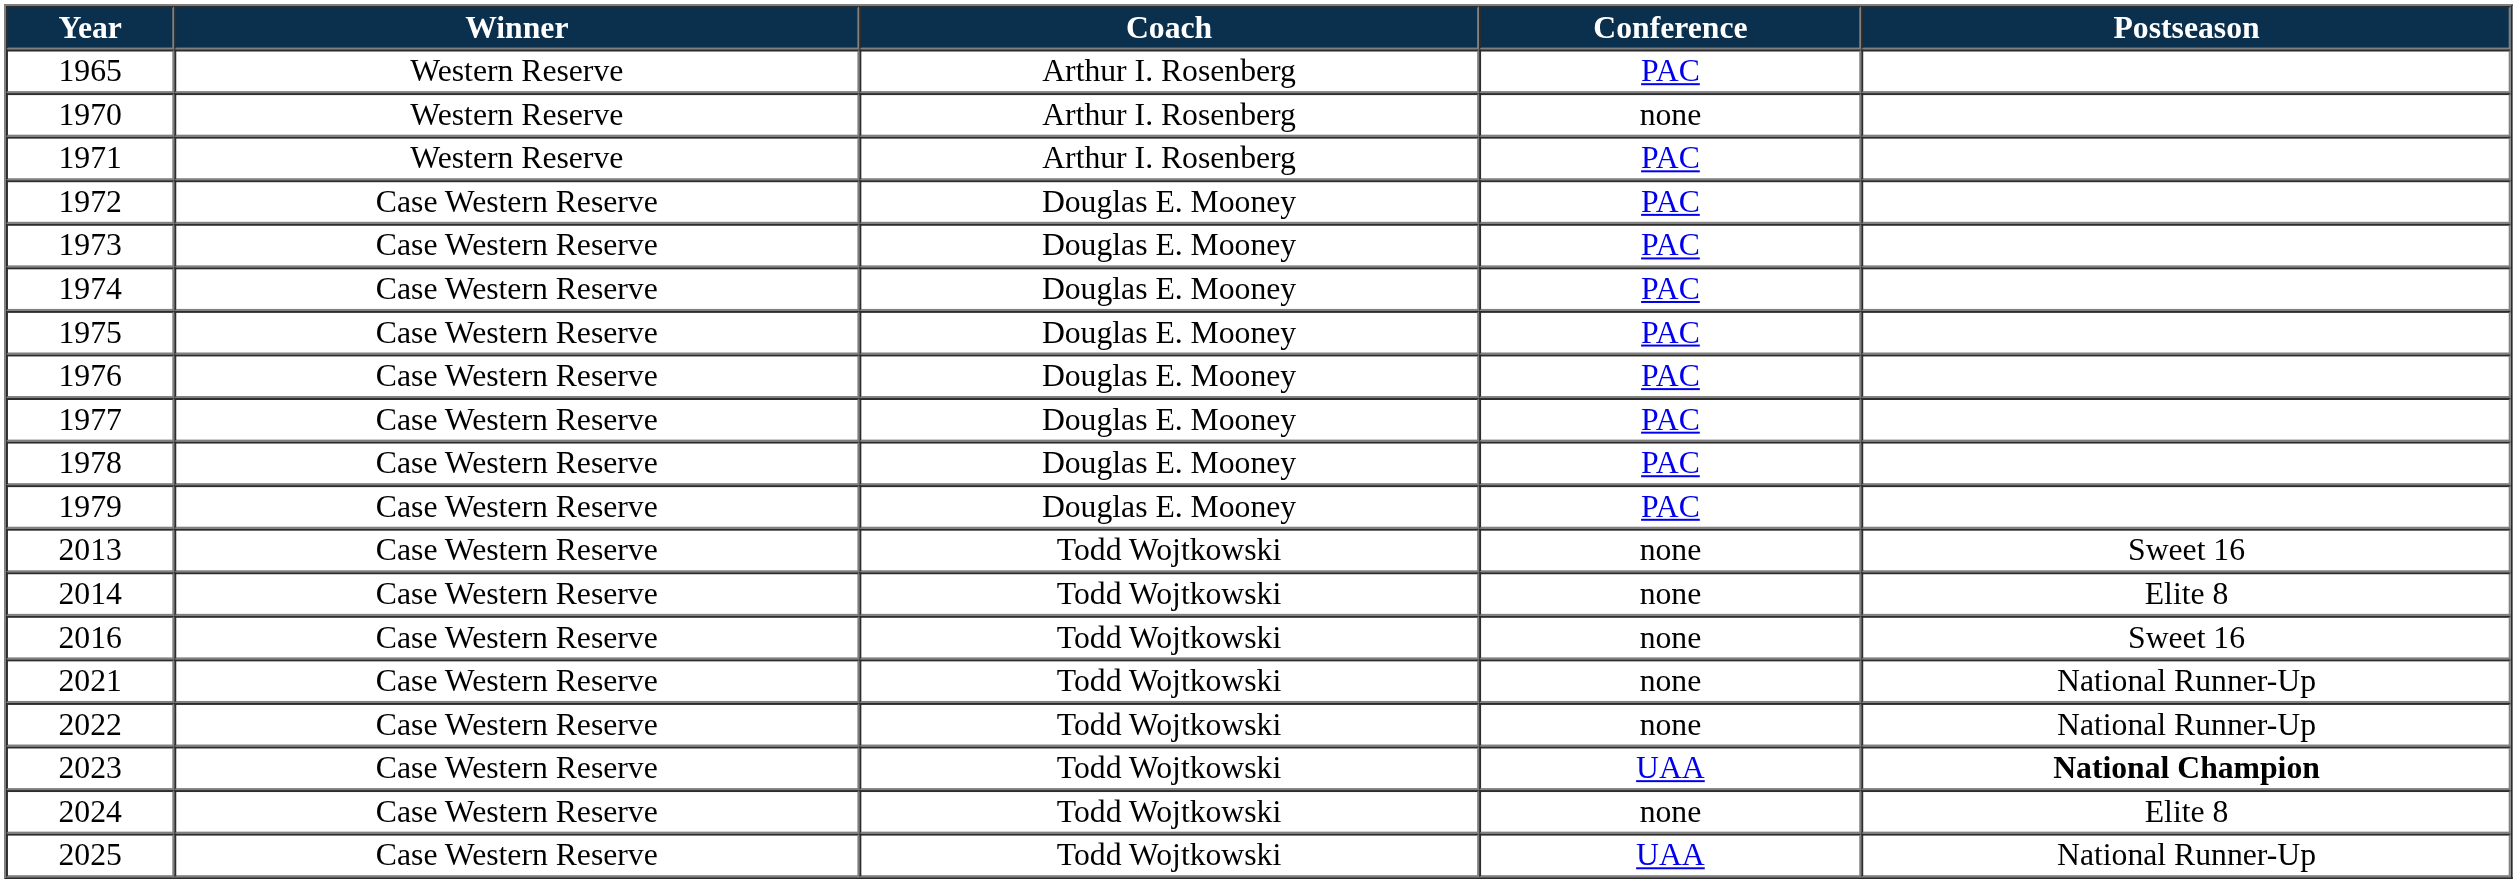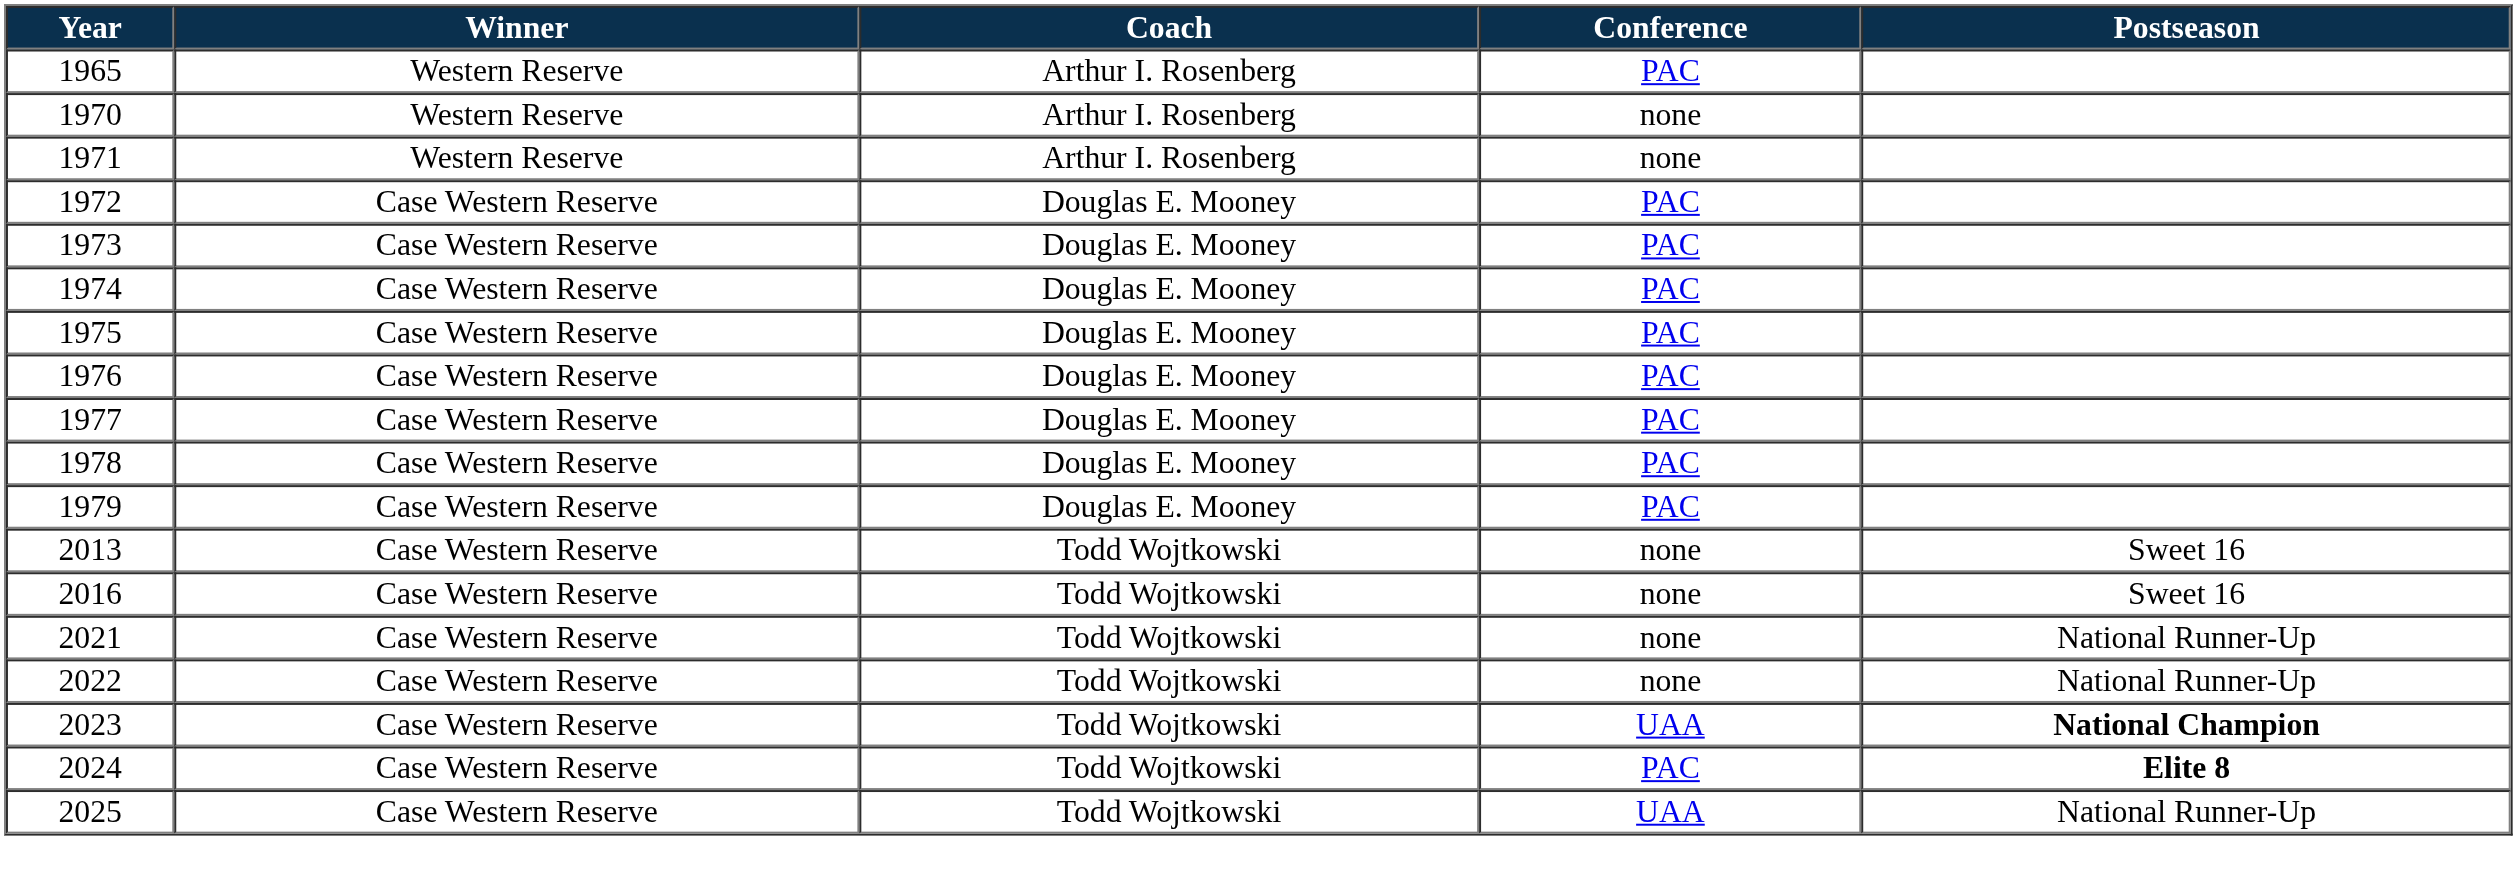 <table bcellpadding="1" border="1" cellspacing="0" style="width:80%;"valign="top">
 <tr>
 <th - style="background:#0A304E; color:white">Year</th>
 <th - style="background:#0A304E; color:white">Winner</th>
 <th - style="background:#0A304E; color:white">Coach</th>
 <th - style="background:#0A304E; color:white">Conference</th>
 <th - style="background:#0A304E; color:white">Postseason</th>
 </tr>
 <tr style="text-align:center;">
 <td>1965</td>
 <td>Western Reserve</td>
 <td>Arthur I. Rosenberg</td>
 <td><a href='#'>PAC</a></td>
 <td></td>
 </tr>
 <tr style="text-align:center;">
 <td>1970</td>
 <td>Western Reserve</td>
 <td>Arthur I. Rosenberg</td>
 <td>none</td>
 <td></td>
 </tr>
 <tr style="text-align:center;">
 <td>1971</td>
 <td>Western Reserve</td>
 <td>Arthur I. Rosenberg</td>
-<td><a href='#'>PAC</a></td>
+<td>none</td>
 <td></td>
 </tr>
 <tr style="text-align:center;">
 <td>1972</td>
 <td>Case Western Reserve</td>
 <td>Douglas E. Mooney</td>
 <td><a href='#'>PAC</a></td>
 <td></td>
 </tr>
 <tr style="text-align:center;">
 <td>1973</td>
 <td>Case Western Reserve</td>
 <td>Douglas E. Mooney</td>
 <td><a href='#'>PAC</a></td>
 <td></td>
 </tr>
 <tr style="text-align:center;">
 <td>1974</td>
 <td>Case Western Reserve</td>
 <td>Douglas E. Mooney</td>
 <td><a href='#'>PAC</a></td>
 <td></td>
 </tr>
 <tr style="text-align:center;">
 <td>1975</td>
 <td>Case Western Reserve</td>
 <td>Douglas E. Mooney</td>
 <td><a href='#'>PAC</a></td>
 <td></td>
 </tr>
 <tr style="text-align:center;">
 <td>1976</td>
 <td>Case Western Reserve</td>
 <td>Douglas E. Mooney</td>
 <td><a href='#'>PAC</a></td>
 <td></td>
 </tr>
 <tr style="text-align:center;">
 <td>1977</td>
 <td>Case Western Reserve</td>
 <td>Douglas E. Mooney</td>
 <td><a href='#'>PAC</a></td>
 <td></td>
 </tr>
 <tr style="text-align:center;">
 <td>1978</td>
 <td>Case Western Reserve</td>
 <td>Douglas E. Mooney</td>
 <td><a href='#'>PAC</a></td>
 <td></td>
 </tr>
 <tr style="text-align:center;">
 <td>1979</td>
 <td>Case Western Reserve</td>
 <td>Douglas E. Mooney</td>
 <td><a href='#'>PAC</a></td>
 <td></td>
 </tr>
 <tr style="text-align:center;">
 <td>2013</td>
 <td>Case Western Reserve</td>
 <td>Todd Wojtkowski</td>
 <td>none</td>
 <td>Sweet 16</td>
 </tr>
 <tr style="text-align:center;">
-<td>2014</td>
-<td>Case Western Reserve</td>
-<td>Todd Wojtkowski</td>
-<td>none</td>
-<td>Elite 8</td>
-</tr>
-<tr style="text-align:center;">
 <td>2016</td>
 <td>Case Western Reserve</td>
 <td>Todd Wojtkowski</td>
 <td>none</td>
 <td>Sweet 16</td>
 </tr>
 <tr style="text-align:center;">
 <td>2021</td>
 <td>Case Western Reserve</td>
 <td>Todd Wojtkowski</td>
 <td>none</td>
 <td>National Runner-Up</td>
 </tr>
 <tr style="text-align:center;">
 <td>2022</td>
 <td>Case Western Reserve</td>
 <td>Todd Wojtkowski</td>
 <td>none</td>
 <td>National Runner-Up</td>
 </tr>
 <tr style="text-align:center;">
 <td>2023</td>
 <td>Case Western Reserve</td>
 <td>Todd Wojtkowski</td>
 <td><a href='#'>UAA</a></td>
 <td><strong>National Champion</strong></td>
 </tr>
 <tr style="text-align:center;">
 <td>2024</td>
 <td>Case Western Reserve</td>
 <td>Todd Wojtkowski</td>
-<td>none</td>
-<td>Elite 8</td>
+<td><a href='#'>PAC</a></td>
+<td><strong>Elite 8</strong></td>
 </tr>
 <tr style="text-align:center;">
 <td>2025</td>
 <td>Case Western Reserve</td>
 <td>Todd Wojtkowski</td>
 <td><a href='#'>UAA</a></td>
 <td>National Runner-Up</td>
 </tr>
 <tr style="text-align:center;">
 </tr>
 </table>
